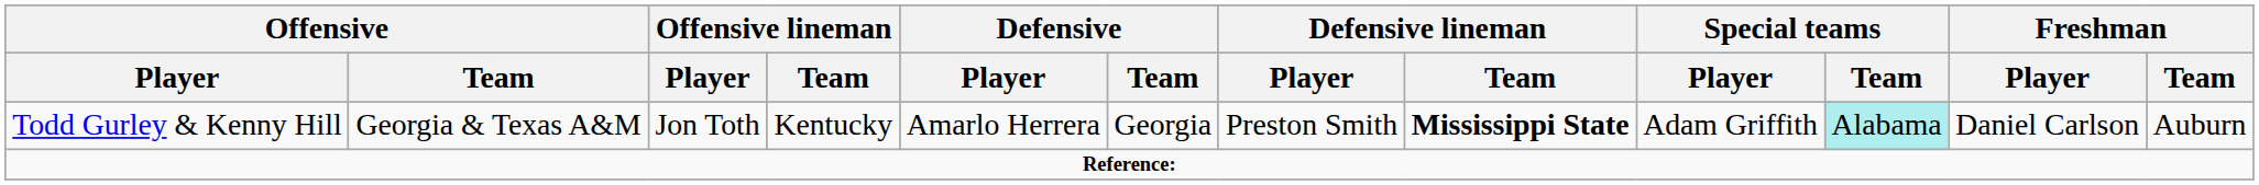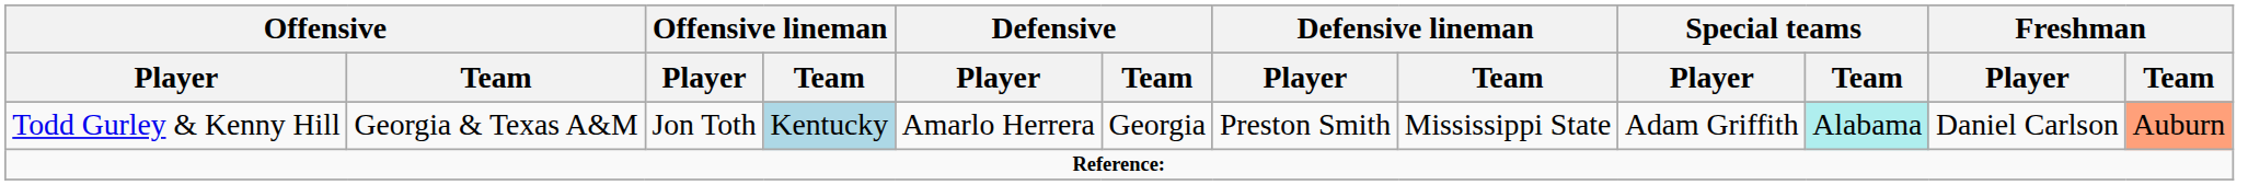 <table class="wikitable" border="1">
 <tr>
 <th colspan="2">Offensive</th>
 <th colspan="2">Offensive lineman</th>
 <th colspan="2">Defensive</th>
 <th colspan="2">Defensive lineman</th>
 <th colspan="2">Special teams</th>
 <th colspan="2">Freshman</th>
 </tr>
 <tr>
 <th>Player</th>
 <th>Team</th>
 <th>Player</th>
 <th>Team</th>
 <th>Player</th>
 <th>Team</th>
 <th>Player</th>
 <th>Team</th>
 <th>Player</th>
 <th>Team</th>
 <th>Player</th>
 <th>Team</th>
 </tr>
 <tr>
 <td><a href='#'>Todd Gurley</a> & Kenny Hill</td>
 <td>Georgia & Texas A&M</td>
 <td>Jon Toth</td>
-<td>Kentucky</td>
+<td style="background: lightblue;">Kentucky</td>
 <td>Amarlo Herrera</td>
 <td>Georgia</td>
 <td>Preston Smith</td>
-<td><strong>Mississippi State</strong></td>
+<td>Mississippi State</td>
 <td>Adam Griffith</td>
 <td style="background: paleturquoise;">Alabama</td>
 <td>Daniel Carlson</td>
-<td>Auburn</td>
+<td style="background: lightsalmon;">Auburn</td>
 </tr>
 <tr>
 <td colspan="12" style="font-size: 8pt" align="center"><strong>Reference:</strong></td>
 </tr>
 </table>
